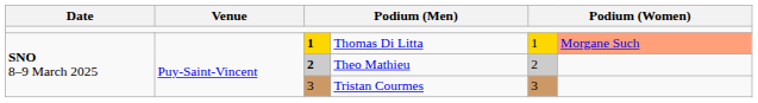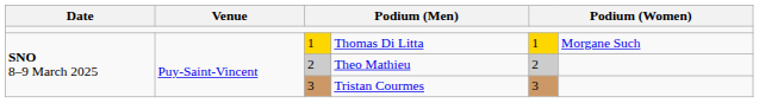 <table class="wikitable" width=70%>
 <tr>
 <th>Date</th>
 <th width=20%>Venue</th>
 <th colspan=2 width=30%>Podium (Men)</th>
 <th colspan=2 width=30%>Podium (Women)</th>
 </tr>
 <tr>
 <td colspan=6></td>
 </tr>
 <tr>
 <td rowspan=3><strong>SNO</strong> <br> 8–9 March 2025</td>
 <td rowspan=3><br><a href='#'>Puy-Saint-Vincent</a></td>
-<td bgcolor=FFD700><strong>1</strong></td>
+<td bgcolor=FFD700>1</td>
 <td><a href='#'>Thomas Di Litta</a></td>
 <td bgcolor=FFD700>1</td>
-<td style="background: lightsalmon;"><a href='#'>Morgane Such</a></td>
+<td><a href='#'>Morgane Such</a></td>
 </tr>
 <tr>
-<td bgcolor=CCCCCC><strong>2</strong></td>
+<td bgcolor=CCCCCC>2</td>
 <td><a href='#'>Theo Mathieu</a></td>
 <td bgcolor=CCCCCC>2</td>
 <td></td>
 </tr>
 <tr>
 <td bgcolor=CC9966>3</td>
 <td><a href='#'>Tristan Courmes</a></td>
 <td bgcolor=CC9966>3</td>
 <td></td>
 </tr>
 </table>
